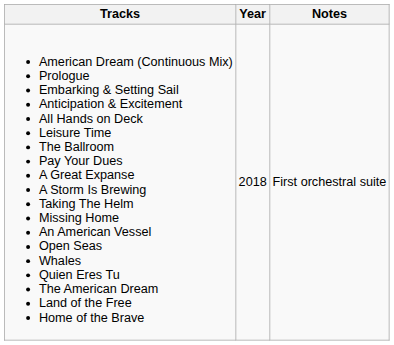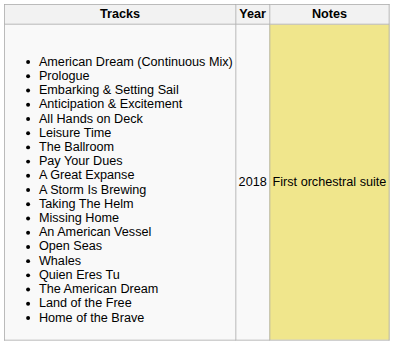 <table class="wikitable sortable">
 <tr>
 <th>Tracks</th>
 <th>Year</th>
 <th>Notes</th>
 </tr>
 <tr>
 <td><br><ul><li>American Dream (Continuous Mix)</li><li>Prologue</li><li>Embarking & Setting Sail</li><li>Anticipation & Excitement</li><li>All Hands on Deck</li><li>Leisure Time</li><li>The Ballroom</li><li>Pay Your Dues</li><li>A Great Expanse</li><li>A Storm Is Brewing</li><li>Taking The Helm</li><li>Missing Home</li><li>An American Vessel</li><li>Open Seas</li><li>Whales</li><li>Quien Eres Tu</li><li>The American Dream</li><li>Land of the Free</li><li>Home of the Brave</li></ul></td>
 <td>2018</td>
-<td>First orchestral suite</td>
+<td style="background: khaki;">First orchestral suite</td>
 </tr>
 </table>
